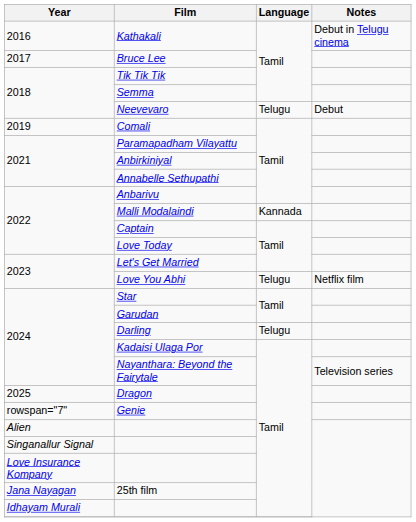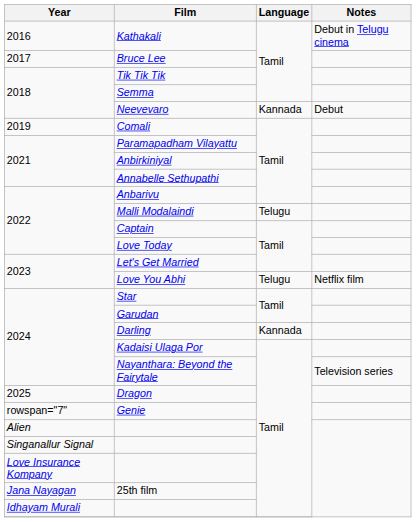 <table class="wikitable sortable">
 <tr>
 <th>Year</th>
 <th>Film</th>
 <th>Language</th>
 <th>Notes</th>
 </tr>
 <tr>
 <td>2016</td>
 <td><em><a href='#'>Kathakali</a></em></td>
 <td rowspan="4">Tamil</td>
 <td>Debut in <a href='#'>Telugu cinema</a></td>
 </tr>
 <tr>
 <td>2017</td>
 <td><em><a href='#'>Bruce Lee</a></em></td>
 <td></td>
 </tr>
 <tr>
 <td rowspan="3">2018</td>
 <td><em><a href='#'>Tik Tik Tik</a></em></td>
 <td></td>
 </tr>
 <tr>
 <td><em><a href='#'>Semma</a></em></td>
 <td></td>
 </tr>
 <tr>
 <td><em><a href='#'>Neevevaro</a></em></td>
-<td>Telugu</td>
+<td>Kannada</td>
 <td>Debut</td>
 </tr>
 <tr>
 <td>2019</td>
 <td><em><a href='#'>Comali</a></em></td>
 <td rowspan="5">Tamil</td>
 <td></td>
 </tr>
 <tr>
 <td rowspan="3">2021</td>
 <td><em><a href='#'>Paramapadham Vilayattu</a></em></td>
 <td></td>
 </tr>
 <tr>
 <td><em><a href='#'>Anbirkiniyal</a></em></td>
 <td></td>
 </tr>
 <tr>
 <td><em><a href='#'>Annabelle Sethupathi</a></em></td>
 <td></td>
 </tr>
 <tr>
 <td rowspan="4">2022</td>
 <td><em><a href='#'>Anbarivu</a></em></td>
 <td></td>
 </tr>
 <tr>
 <td><em><a href='#'>Malli Modalaindi</a></em></td>
-<td>Kannada</td>
+<td>Telugu</td>
 <td></td>
 </tr>
 <tr>
 <td><em><a href='#'>Captain</a></em></td>
 <td rowspan="3">Tamil</td>
 <td></td>
 </tr>
 <tr>
 <td><em><a href='#'>Love Today</a></em></td>
 <td></td>
 </tr>
 <tr>
 <td rowspan="2">2023</td>
 <td><em><a href='#'>Let's Get Married</a></em></td>
 <td></td>
 </tr>
 <tr>
 <td><em><a href='#'>Love You Abhi</a></em></td>
 <td>Telugu</td>
 <td>Netflix film</td>
 </tr>
 <tr>
 <td rowspan="5">2024</td>
 <td><em><a href='#'>Star</a></em></td>
 <td rowspan="2">Tamil</td>
 <td></td>
 </tr>
 <tr>
 <td><em><a href='#'>Garudan</a></em></td>
 <td></td>
 </tr>
 <tr>
 <td><a href='#'><em>Darling</em></a></td>
-<td>Telugu</td>
+<td>Kannada</td>
 <td></td>
 </tr>
 <tr>
 <td><em><a href='#'>Kadaisi Ulaga Por</a></em></td>
 <td rowspan="9">Tamil</td>
 <td></td>
 </tr>
 <tr>
 <td><em><a href='#'>Nayanthara: Beyond the Fairytale</a></em></td>
 <td>Television series</td>
 </tr>
 <tr>
 <td>2025</td>
 <td><em><a href='#'>Dragon</a></em></td>
 <td></td>
 </tr>
 <tr>
 <td>rowspan="7" </td>
 <td><em><a href='#'>Genie</a></em></td>
 <td></td>
 </tr>
 <tr>
 <td><em>Alien</em></td>
 <td></td>
 </tr>
 <tr>
 <td><em>Singanallur Signal</em></td>
 <td></td>
 </tr>
 <tr>
 <td><em><a href='#'>Love Insurance Kompany</a></em></td>
 <td></td>
 </tr>
 <tr>
 <td><em><a href='#'>Jana Nayagan</a></em></td>
 <td>25th film</td>
 </tr>
 <tr>
 <td><em><a href='#'>Idhayam Murali</a></em></td>
 <td></td>
 </tr>
 <tr>
 </tr>
 </table>
